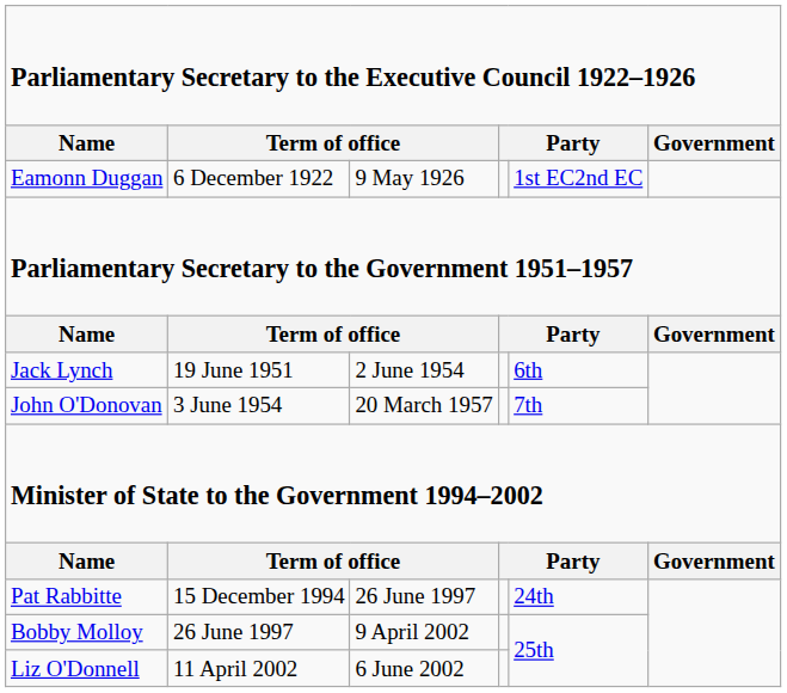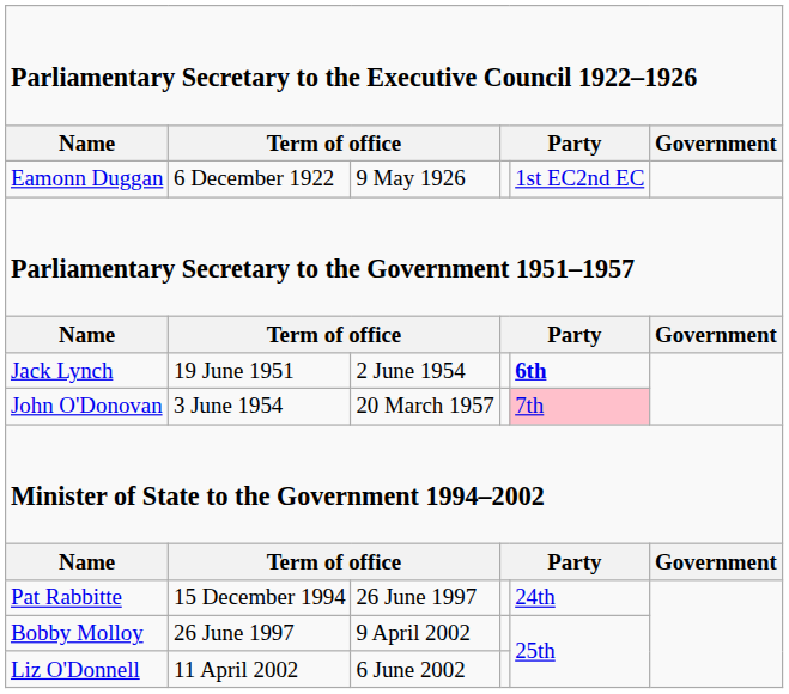 <table class="wikitable">
 <tr>
 <td colspan=6><br><h3>Parliamentary Secretary to the Executive Council 1922–1926</h3></td>
 </tr>
 <tr>
 <th>Name</th>
 <th colspan=2>Term of office</th>
 <th colspan=2>Party</th>
 <th>Government</th>
 </tr>
 <tr>
 <td><a href='#'>Eamonn Duggan</a></td>
 <td>6 December 1922</td>
 <td>9 May 1926</td>
 <td></td>
 <td><a href='#'>1st EC</a><a href='#'>2nd EC</a></td>
 </tr>
 <tr>
 <td colspan=6><br><h3>Parliamentary Secretary to the Government 1951–1957</h3></td>
 </tr>
 <tr>
 <th>Name</th>
 <th colspan=2>Term of office</th>
 <th colspan=2>Party</th>
 <th>Government</th>
 </tr>
 <tr>
 <td><a href='#'>Jack Lynch</a></td>
 <td>19 June 1951</td>
 <td>2 June 1954</td>
 <td></td>
-<td><a href='#'>6th</a></td>
+<td><strong><a href='#'>6th</a></strong></td>
 </tr>
 <tr>
 <td><a href='#'>John O'Donovan</a></td>
 <td>3 June 1954</td>
 <td>20 March 1957</td>
 <td></td>
-<td><a href='#'>7th</a></td>
+<td style="background: pink;"><a href='#'>7th</a></td>
 </tr>
 <tr>
 <td colspan=6><br><h3>Minister of State to the Government 1994–2002</h3></td>
 </tr>
 <tr>
 <th>Name</th>
 <th colspan=2>Term of office</th>
 <th colspan=2>Party</th>
 <th>Government</th>
 </tr>
 <tr>
 <td><a href='#'>Pat Rabbitte</a></td>
 <td>15 December 1994</td>
 <td>26 June 1997</td>
 <td></td>
 <td><a href='#'>24th</a></td>
 </tr>
 <tr>
 <td><a href='#'>Bobby Molloy</a></td>
 <td>26 June 1997</td>
 <td>9 April 2002</td>
 <td></td>
 <td rowspan=2><a href='#'>25th</a></td>
 </tr>
 <tr>
 <td><a href='#'>Liz O'Donnell</a></td>
 <td>11 April 2002</td>
 <td>6 June 2002</td>
 <td></td>
 </tr>
 </table>
